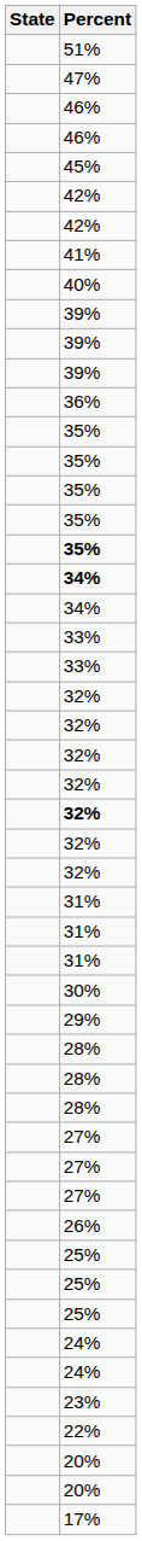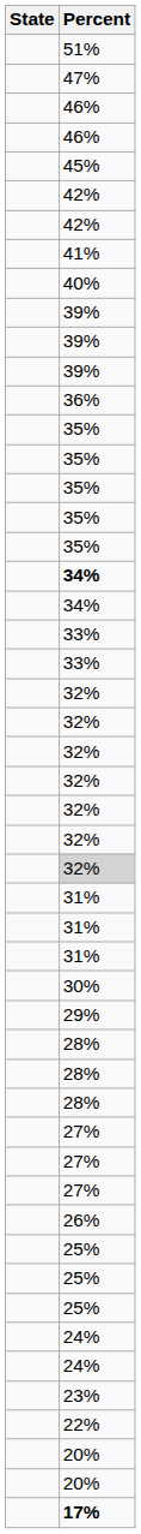 <table class="wikitable sortable sticky-table-head mw-datatable static-row-numbers">
 <tr>
 <th>State</th>
 <th>Percent</th>
 </tr>
 <tr>
 <td></td>
 <td>51%</td>
 </tr>
 <tr>
 <td></td>
 <td>47%</td>
 </tr>
 <tr>
 <td></td>
 <td>46%</td>
 </tr>
 <tr>
 <td></td>
 <td>46%</td>
 </tr>
 <tr>
 <td></td>
 <td>45%</td>
 </tr>
 <tr>
 <td></td>
 <td>42%</td>
 </tr>
 <tr>
 <td></td>
 <td>42%</td>
 </tr>
 <tr>
 <td></td>
 <td>41%</td>
 </tr>
 <tr>
 <td></td>
 <td>40%</td>
 </tr>
 <tr>
 <td></td>
 <td>39%</td>
 </tr>
 <tr>
 <td></td>
 <td>39%</td>
 </tr>
 <tr>
 <td></td>
 <td>39%</td>
 </tr>
 <tr>
 <td></td>
 <td>36%</td>
 </tr>
 <tr>
 <td></td>
 <td>35%</td>
 </tr>
 <tr>
 <td></td>
 <td>35%</td>
 </tr>
 <tr>
 <td></td>
 <td>35%</td>
 </tr>
 <tr>
 <td></td>
 <td>35%</td>
 </tr>
 <tr>
 <td></td>
-<td><strong>35%</strong></td>
+<td>35%</td>
 </tr>
 <tr>
 <td></td>
 <td><strong>34%</strong></td>
 </tr>
 <tr>
 <td></td>
 <td>34%</td>
 </tr>
 <tr>
 <td></td>
 <td>33%</td>
 </tr>
 <tr>
 <td></td>
 <td>33%</td>
 </tr>
 <tr>
 <td></td>
 <td>32%</td>
 </tr>
 <tr>
 <td></td>
 <td>32%</td>
 </tr>
 <tr>
 <td></td>
 <td>32%</td>
 </tr>
 <tr>
 <td></td>
 <td>32%</td>
 </tr>
 <tr>
 <td></td>
-<td><strong>32%</strong></td>
+<td>32%</td>
 </tr>
 <tr>
 <td></td>
 <td>32%</td>
 </tr>
 <tr>
 <td></td>
-<td>32%</td>
+<td style="background: lightgrey;">32%</td>
 </tr>
 <tr>
 <td></td>
 <td>31%</td>
 </tr>
 <tr>
 <td></td>
 <td>31%</td>
 </tr>
 <tr>
 <td></td>
 <td>31%</td>
 </tr>
 <tr>
 <td></td>
 <td>30%</td>
 </tr>
 <tr>
 <td></td>
 <td>29%</td>
 </tr>
 <tr>
 <td></td>
 <td>28%</td>
 </tr>
 <tr>
 <td></td>
 <td>28%</td>
 </tr>
 <tr>
 <td></td>
 <td>28%</td>
 </tr>
 <tr>
 <td></td>
 <td>27%</td>
 </tr>
 <tr>
 <td></td>
 <td>27%</td>
 </tr>
 <tr>
 <td></td>
 <td>27%</td>
 </tr>
 <tr>
 <td></td>
 <td>26%</td>
 </tr>
 <tr>
 <td></td>
 <td>25%</td>
 </tr>
 <tr>
 <td></td>
 <td>25%</td>
 </tr>
 <tr>
 <td></td>
 <td>25%</td>
 </tr>
 <tr>
 <td></td>
 <td>24%</td>
 </tr>
 <tr>
 <td></td>
 <td>24%</td>
 </tr>
 <tr>
 <td></td>
 <td>23%</td>
 </tr>
 <tr>
 <td></td>
 <td>22%</td>
 </tr>
 <tr>
 <td></td>
 <td>20%</td>
 </tr>
 <tr>
 <td></td>
 <td>20%</td>
 </tr>
 <tr>
 <td></td>
-<td>17%</td>
+<td><strong>17%</strong></td>
 </tr>
 </table>
